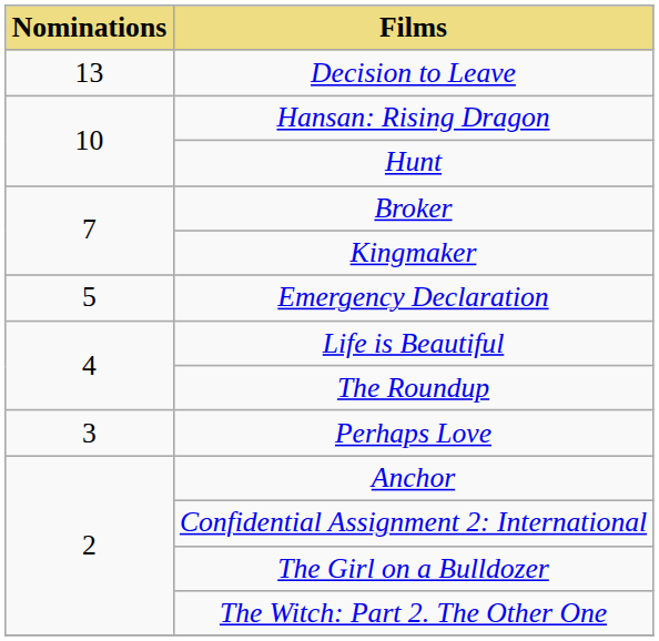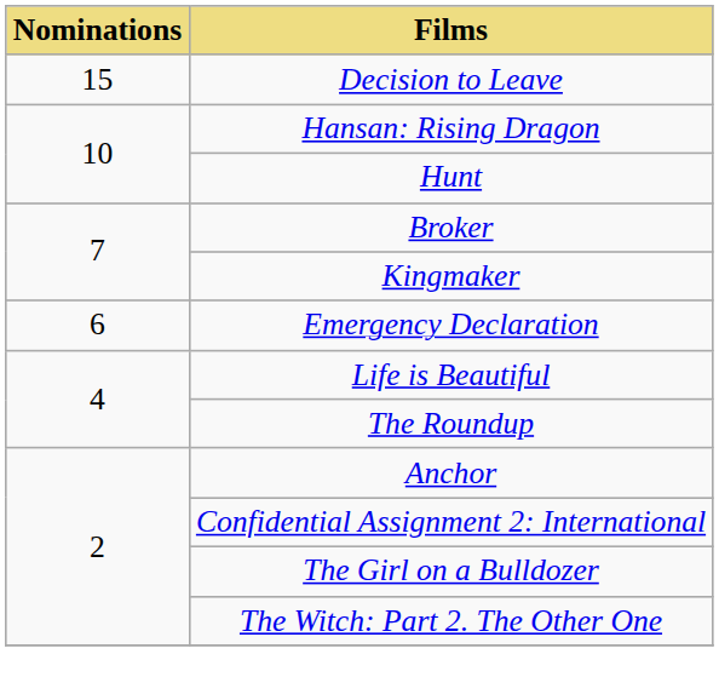 <table class="wikitable plainrowheaders" style="text-align:center;">
 <tr>
 <th style="background:#EEDD82;" ! align="center">Nominations</th>
 <th style="background:#EEDD82;" ! align="center">Films</th>
 </tr>
 <tr>
-<td style="text-align:center">13</td>
+<td style="text-align:center">15</td>
 <td><em><a href='#'>Decision to Leave</a></em></td>
 </tr>
 <tr>
 <td rowspan="2" style="text-align:center">10</td>
 <td><em><a href='#'>Hansan: Rising Dragon</a></em></td>
 </tr>
 <tr>
 <td><em><a href='#'>Hunt</a></em></td>
 </tr>
 <tr>
 <td rowspan="2" style="text-align:center">7</td>
 <td><em><a href='#'>Broker</a></em></td>
 </tr>
 <tr>
 <td><em><a href='#'>Kingmaker</a></em></td>
 </tr>
 <tr>
-<td style="text-align:center">5</td>
+<td style="text-align:center">6</td>
 <td><em><a href='#'>Emergency Declaration</a></em></td>
 </tr>
 <tr>
 <td rowspan="2" style="text-align:center">4</td>
 <td><em><a href='#'>Life is Beautiful</a></em></td>
 </tr>
 <tr>
 <td><em><a href='#'>The Roundup</a></em></td>
-</tr>
-<tr>
-<td style="text-align:center">3</td>
-<td><em><a href='#'>Perhaps Love</a></em></td>
 </tr>
 <tr>
 <td rowspan="4" style="text-align:center">2</td>
 <td><em><a href='#'>Anchor</a></em></td>
 </tr>
 <tr>
 <td><em><a href='#'>Confidential Assignment 2: International</a></em></td>
 </tr>
 <tr>
 <td><em><a href='#'>The Girl on a Bulldozer</a></em></td>
 </tr>
 <tr>
 <td><em><a href='#'>The Witch: Part 2. The Other One</a></em></td>
 </tr>
 <tr>
 </tr>
 </table>
